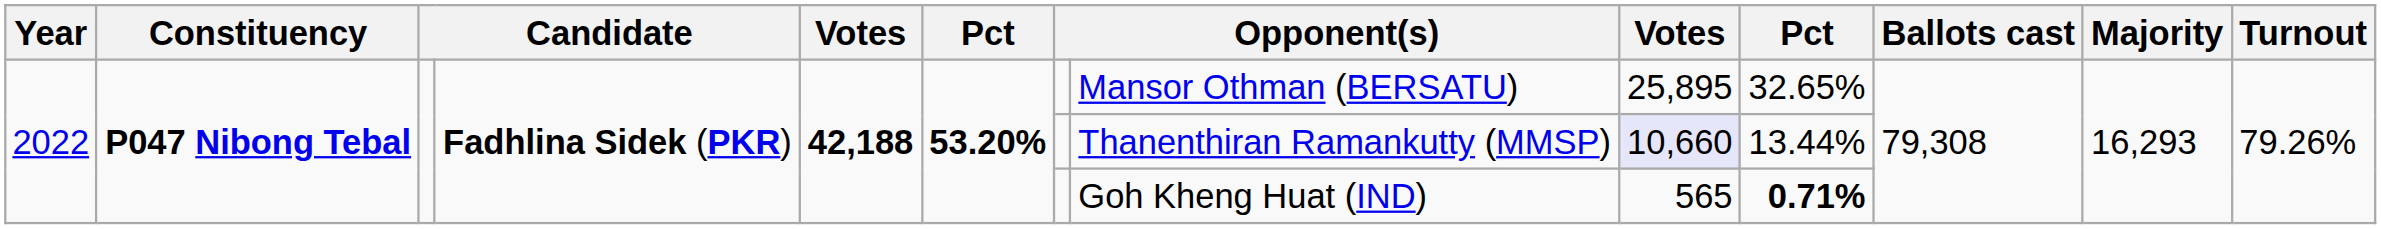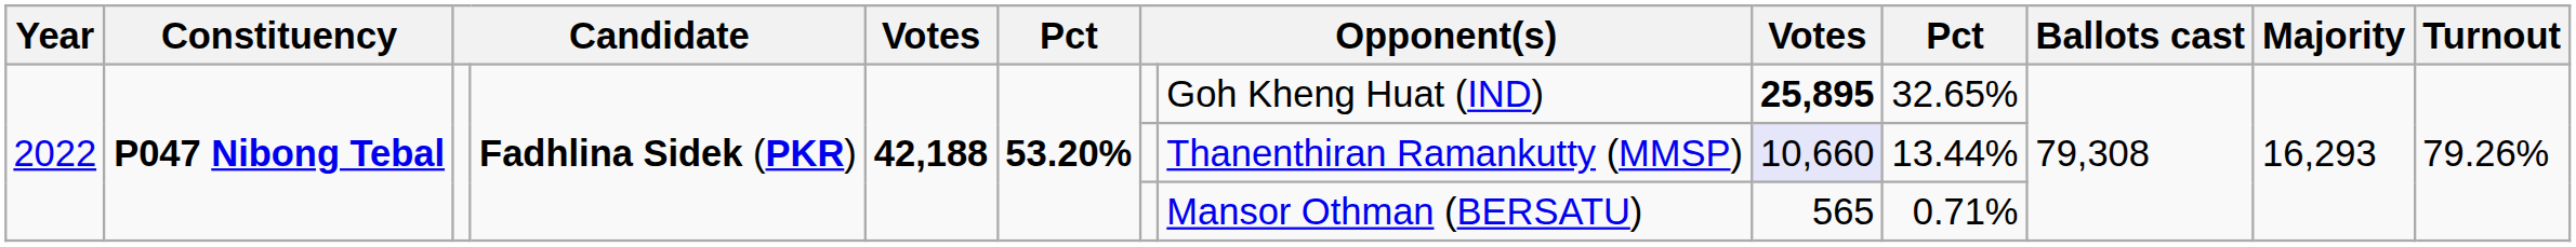 <table class="wikitable" style="margin:0.5em ; font-size:95%">
 <tr>
 <th>Year</th>
 <th>Constituency</th>
 <th colspan=2>Candidate</th>
 <th>Votes</th>
 <th>Pct</th>
 <th colspan=2>Opponent(s)</th>
 <th>Votes</th>
 <th>Pct</th>
 <th>Ballots cast</th>
 <th>Majority</th>
 <th>Turnout</th>
 </tr>
 <tr>
 <td rowspan="3"><a href='#'>2022</a></td>
 <td rowspan="3"><strong>P047 <a href='#'>Nibong Tebal</a></strong></td>
 <td rowspan="3" ></td>
 <td rowspan="3"><strong>Fadhlina Sidek</strong> (<a href='#'><strong>PKR</strong></a>)</td>
 <td rowspan="3" align="right"><strong>42,188</strong></td>
 <td rowspan="3"><strong>53.20%</strong></td>
 <td bgcolor=></td>
-<td><a href='#'>Mansor Othman</a> (<a href='#'>BERSATU</a>)</td>
-<td align="right">25,895</td>
+<td>Goh Kheng Huat (<a href='#'>IND</a>)</td>
+<td align="right"><strong>25,895</strong></td>
 <td>32.65%</td>
 <td rowspan="3">79,308</td>
 <td rowspan="3">16,293</td>
 <td rowspan="3">79.26%</td>
 </tr>
 <tr>
 <td></td>
 <td><a href='#'>Thanenthiran Ramankutty</a> (<a href='#'>MMSP</a>)</td>
 <td align="right" style="background: lavender;">10,660</td>
 <td>13.44%</td>
 </tr>
 <tr>
 <td></td>
-<td>Goh Kheng Huat (<a href='#'>IND</a>)</td>
+<td><a href='#'>Mansor Othman</a> (<a href='#'>BERSATU</a>)</td>
 <td align="right">565</td>
-<td align="right"><strong>0.71%</strong></td>
+<td align="right">0.71%</td>
 </tr>
 </table>
